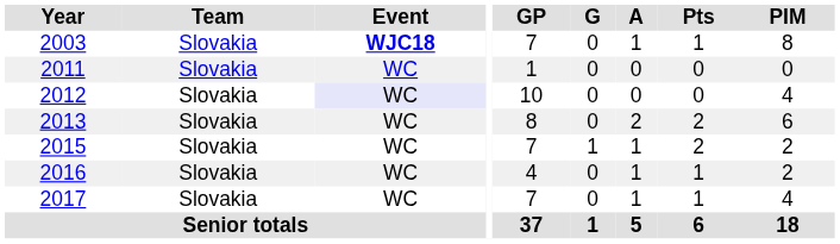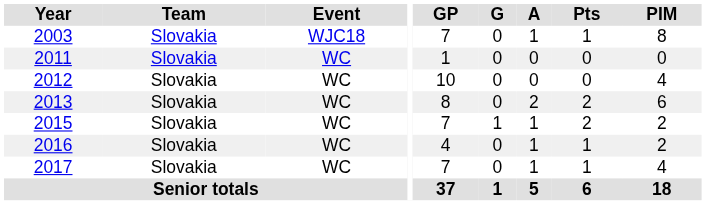 <table border="0" cellpadding="1" cellspacing="0" ID="Table3" style="text-align:center; width:40em">
 <tr ALIGN="center" bgcolor="#e0e0e0">
 <th>Year</th>
 <th>Team</th>
 <th>Event</th>
 <th rowspan="99" bgcolor="#ffffff"></th>
 <th>GP</th>
 <th>G</th>
 <th>A</th>
 <th>Pts</th>
 <th>PIM</th>
 </tr>
 <tr>
 <td><a href='#'>2003</a></td>
 <td><a href='#'>Slovakia</a></td>
-<td><strong><a href='#'>WJC18</a></strong></td>
+<td><a href='#'>WJC18</a></td>
 <td>7</td>
 <td>0</td>
 <td>1</td>
 <td>1</td>
 <td>8</td>
 </tr>
 <tr bgcolor="#f0f0f0">
 <td><a href='#'>2011</a></td>
 <td><a href='#'>Slovakia</a></td>
 <td><a href='#'>WC</a></td>
 <td>1</td>
 <td>0</td>
 <td>0</td>
 <td>0</td>
 <td>0</td>
 </tr>
 <tr>
 <td><a href='#'>2012</a></td>
 <td>Slovakia</td>
-<td style="background: lavender;">WC</td>
+<td>WC</td>
 <td>10</td>
 <td>0</td>
 <td>0</td>
 <td>0</td>
 <td>4</td>
 </tr>
 <tr bgcolor="#f0f0f0">
 <td><a href='#'>2013</a></td>
 <td>Slovakia</td>
 <td>WC</td>
 <td>8</td>
 <td>0</td>
 <td>2</td>
 <td>2</td>
 <td>6</td>
 </tr>
 <tr>
 <td><a href='#'>2015</a></td>
 <td>Slovakia</td>
 <td>WC</td>
 <td>7</td>
 <td>1</td>
 <td>1</td>
 <td>2</td>
 <td>2</td>
 </tr>
 <tr bgcolor="#f0f0f0">
 <td><a href='#'>2016</a></td>
 <td>Slovakia</td>
 <td>WC</td>
 <td>4</td>
 <td>0</td>
 <td>1</td>
 <td>1</td>
 <td>2</td>
 </tr>
 <tr>
 <td><a href='#'>2017</a></td>
 <td>Slovakia</td>
 <td>WC</td>
 <td>7</td>
 <td>0</td>
 <td>1</td>
 <td>1</td>
 <td>4</td>
 </tr>
 <tr bgcolor="#e0e0e0">
 <th colspan="3">Senior totals</th>
 <th>37</th>
 <th>1</th>
 <th>5</th>
 <th>6</th>
 <th>18</th>
 </tr>
 </table>
